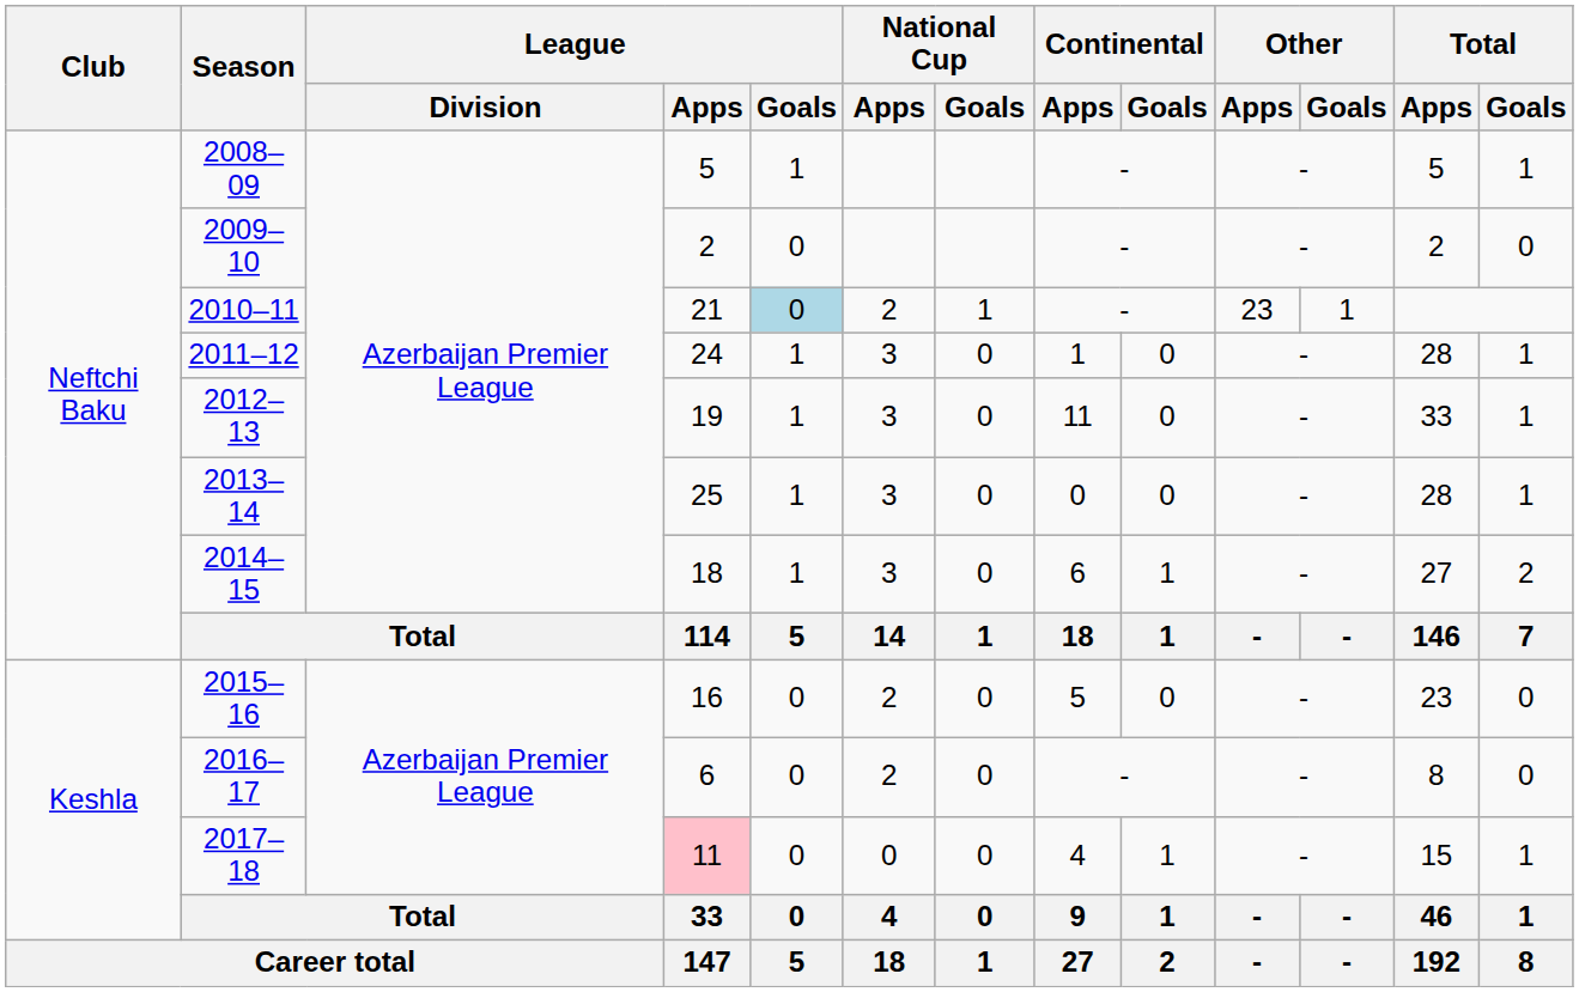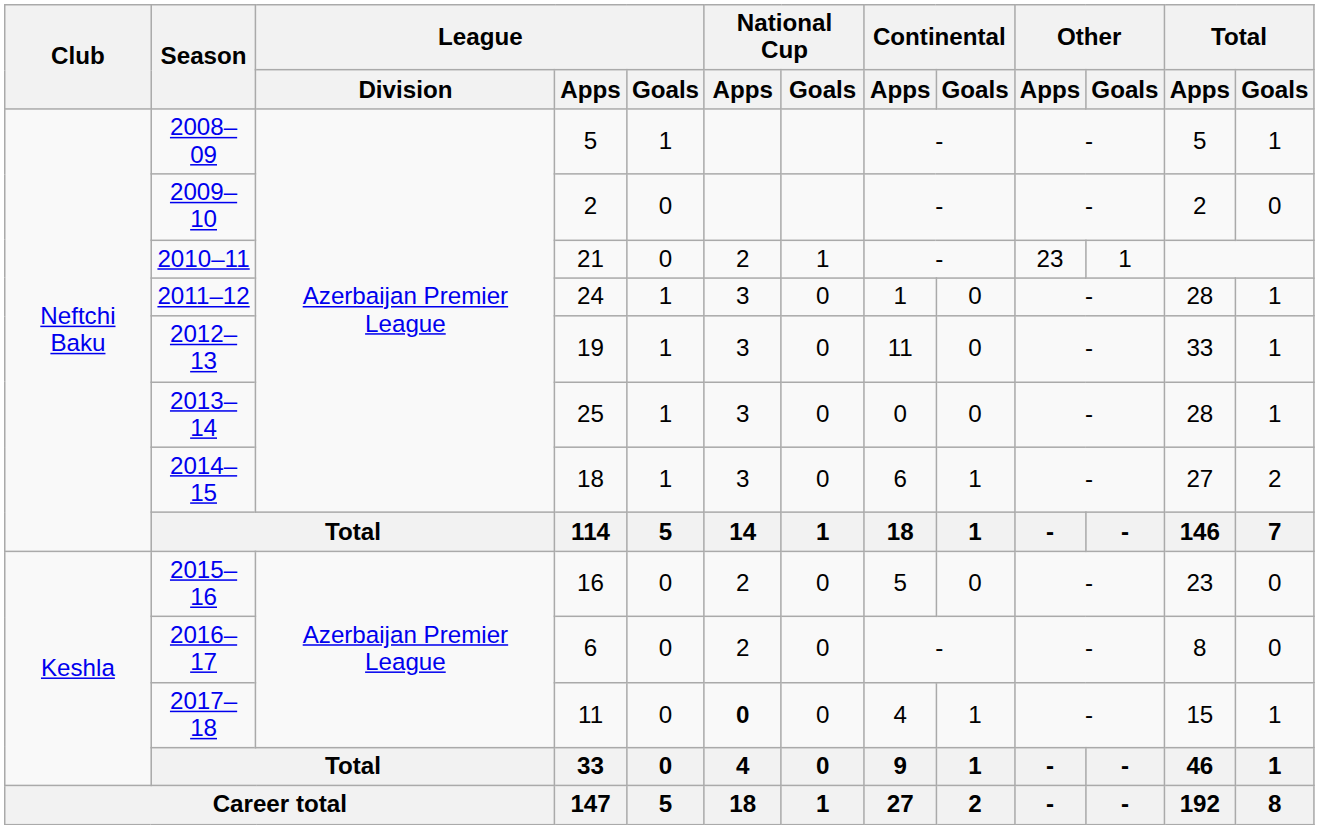 <table class="wikitable" style="text-align: center;">
 <tr>
 <th rowspan="2">Club</th>
 <th rowspan="2">Season</th>
 <th colspan="3">League</th>
 <th colspan="2">National Cup</th>
 <th colspan="2">Continental</th>
 <th colspan="2">Other</th>
 <th colspan="2">Total</th>
 </tr>
 <tr>
 <th>Division</th>
 <th>Apps</th>
 <th>Goals</th>
 <th>Apps</th>
 <th>Goals</th>
 <th>Apps</th>
 <th>Goals</th>
 <th>Apps</th>
 <th>Goals</th>
 <th>Apps</th>
 <th>Goals</th>
 </tr>
 <tr>
 <td rowspan="8" valign="center"><a href='#'>Neftchi Baku</a></td>
 <td><a href='#'>2008–09</a></td>
 <td rowspan="7" valign="center"><a href='#'>Azerbaijan Premier League</a></td>
 <td>5</td>
 <td>1</td>
 <td></td>
 <td></td>
 <td colspan="2">-</td>
 <td colspan="2">-</td>
 <td>5</td>
 <td>1</td>
 </tr>
 <tr>
 <td><a href='#'>2009–10</a></td>
 <td>2</td>
 <td>0</td>
 <td></td>
 <td></td>
 <td colspan="2">-</td>
 <td colspan="2">-</td>
 <td>2</td>
 <td>0</td>
 </tr>
 <tr>
 <td><a href='#'>2010–11</a></td>
 <td>21</td>
-<td style="background: lightblue;">0</td>
+<td>0</td>
 <td>2</td>
 <td>1</td>
 <td colspan="2">-</td>
 <td>23</td>
 <td>1</td>
 </tr>
 <tr>
 <td><a href='#'>2011–12</a></td>
 <td>24</td>
 <td>1</td>
 <td>3</td>
 <td>0</td>
 <td>1</td>
 <td>0</td>
 <td colspan="2">-</td>
 <td>28</td>
 <td>1</td>
 </tr>
 <tr>
 <td><a href='#'>2012–13</a></td>
 <td>19</td>
 <td>1</td>
 <td>3</td>
 <td>0</td>
 <td>11</td>
 <td>0</td>
 <td colspan="2">-</td>
 <td>33</td>
 <td>1</td>
 </tr>
 <tr>
 <td><a href='#'>2013–14</a></td>
 <td>25</td>
 <td>1</td>
 <td>3</td>
 <td>0</td>
 <td>0</td>
 <td>0</td>
 <td colspan="2">-</td>
 <td>28</td>
 <td>1</td>
 </tr>
 <tr>
 <td><a href='#'>2014–15</a></td>
 <td>18</td>
 <td>1</td>
 <td>3</td>
 <td>0</td>
 <td>6</td>
 <td>1</td>
 <td colspan="2">-</td>
 <td>27</td>
 <td>2</td>
 </tr>
 <tr>
 <th colspan="2">Total</th>
 <th>114</th>
 <th>5</th>
 <th>14</th>
 <th>1</th>
 <th>18</th>
 <th>1</th>
 <th>-</th>
 <th>-</th>
 <th>146</th>
 <th>7</th>
 </tr>
 <tr>
 <td rowspan="4" valign="center"><a href='#'>Keshla</a></td>
 <td><a href='#'>2015–16</a></td>
 <td rowspan="3" valign="center"><a href='#'>Azerbaijan Premier League</a></td>
 <td>16</td>
 <td>0</td>
 <td>2</td>
 <td>0</td>
 <td>5</td>
 <td>0</td>
 <td colspan="2">-</td>
 <td>23</td>
 <td>0</td>
 </tr>
 <tr>
 <td><a href='#'>2016–17</a></td>
 <td>6</td>
 <td>0</td>
 <td>2</td>
 <td>0</td>
 <td colspan="2">-</td>
 <td colspan="2">-</td>
 <td>8</td>
 <td>0</td>
 </tr>
 <tr>
 <td><a href='#'>2017–18</a></td>
-<td style="background: pink;">11</td>
+<td>11</td>
 <td>0</td>
-<td>0</td>
+<td><strong>0</strong></td>
 <td>0</td>
 <td>4</td>
 <td>1</td>
 <td colspan="2">-</td>
 <td>15</td>
 <td>1</td>
 </tr>
 <tr>
 <th colspan="2">Total</th>
 <th>33</th>
 <th>0</th>
 <th>4</th>
 <th>0</th>
 <th>9</th>
 <th>1</th>
 <th>-</th>
 <th>-</th>
 <th>46</th>
 <th>1</th>
 </tr>
 <tr>
 <th colspan="3">Career total</th>
 <th>147</th>
 <th>5</th>
 <th>18</th>
 <th>1</th>
 <th>27</th>
 <th>2</th>
 <th>-</th>
 <th>-</th>
 <th>192</th>
 <th>8</th>
 </tr>
 </table>
